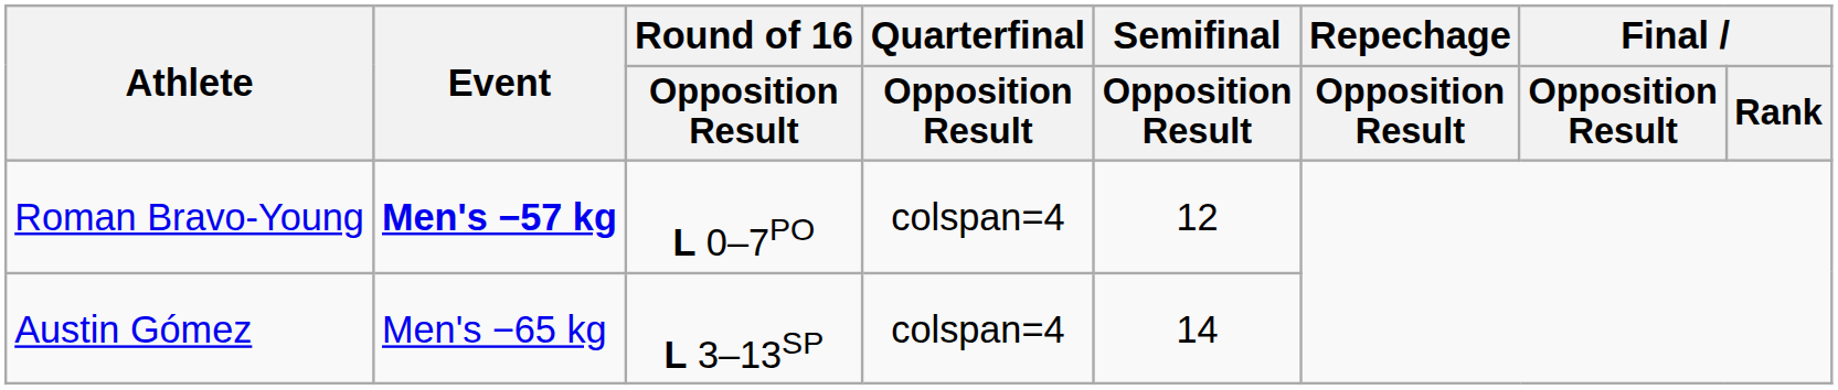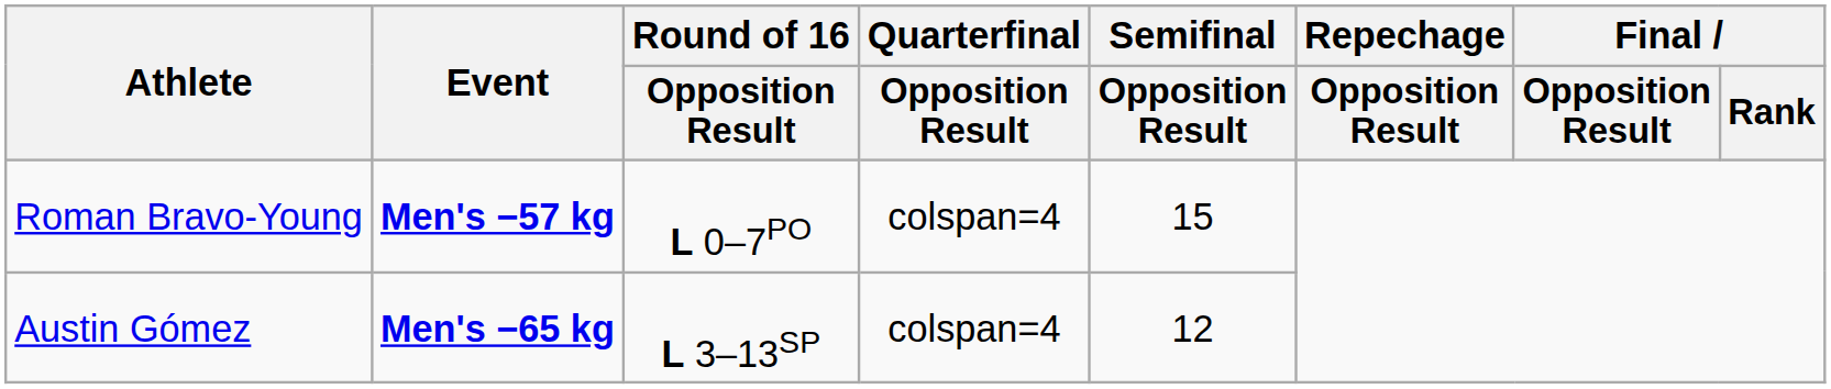 <table class="wikitable" style="font-size:90%">
 <tr>
 <th rowspan=2>Athlete</th>
 <th rowspan=2>Event</th>
 <th>Round of 16</th>
 <th>Quarterfinal</th>
 <th>Semifinal</th>
 <th>Repechage</th>
 <th colspan=2>Final / </th>
 </tr>
 <tr style="font-size: 95%">
 <th>Opposition<br>Result</th>
 <th>Opposition<br>Result</th>
 <th>Opposition<br>Result</th>
 <th>Opposition<br>Result</th>
 <th>Opposition<br>Result</th>
 <th>Rank</th>
 </tr>
 <tr align=center>
 <td align=left><a href='#'>Roman Bravo-Young</a></td>
 <td align=left><strong><a href='#'>Men's −57 kg</a></strong></td>
 <td><br><strong>L</strong> 0–7<sup>PO</sup></td>
 <td>colspan=4</td>
-<td>12</td>
+<td>15</td>
 </tr>
 <tr align=center>
 <td align=left><a href='#'>Austin Gómez</a></td>
-<td align=left><a href='#'>Men's −65 kg</a></td>
+<td align=left><strong><a href='#'>Men's −65 kg</a></strong></td>
 <td><br><strong>L</strong> 3–13<sup>SP</sup></td>
 <td>colspan=4</td>
-<td>14</td>
+<td>12</td>
 </tr>
 </table>
